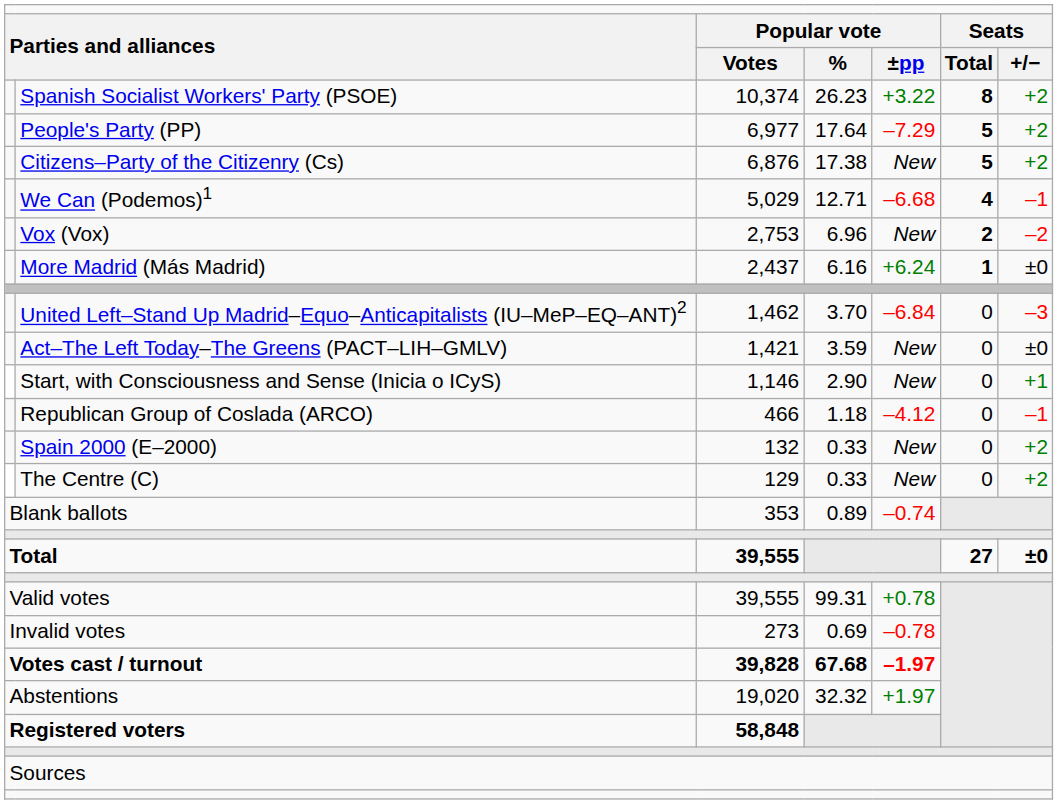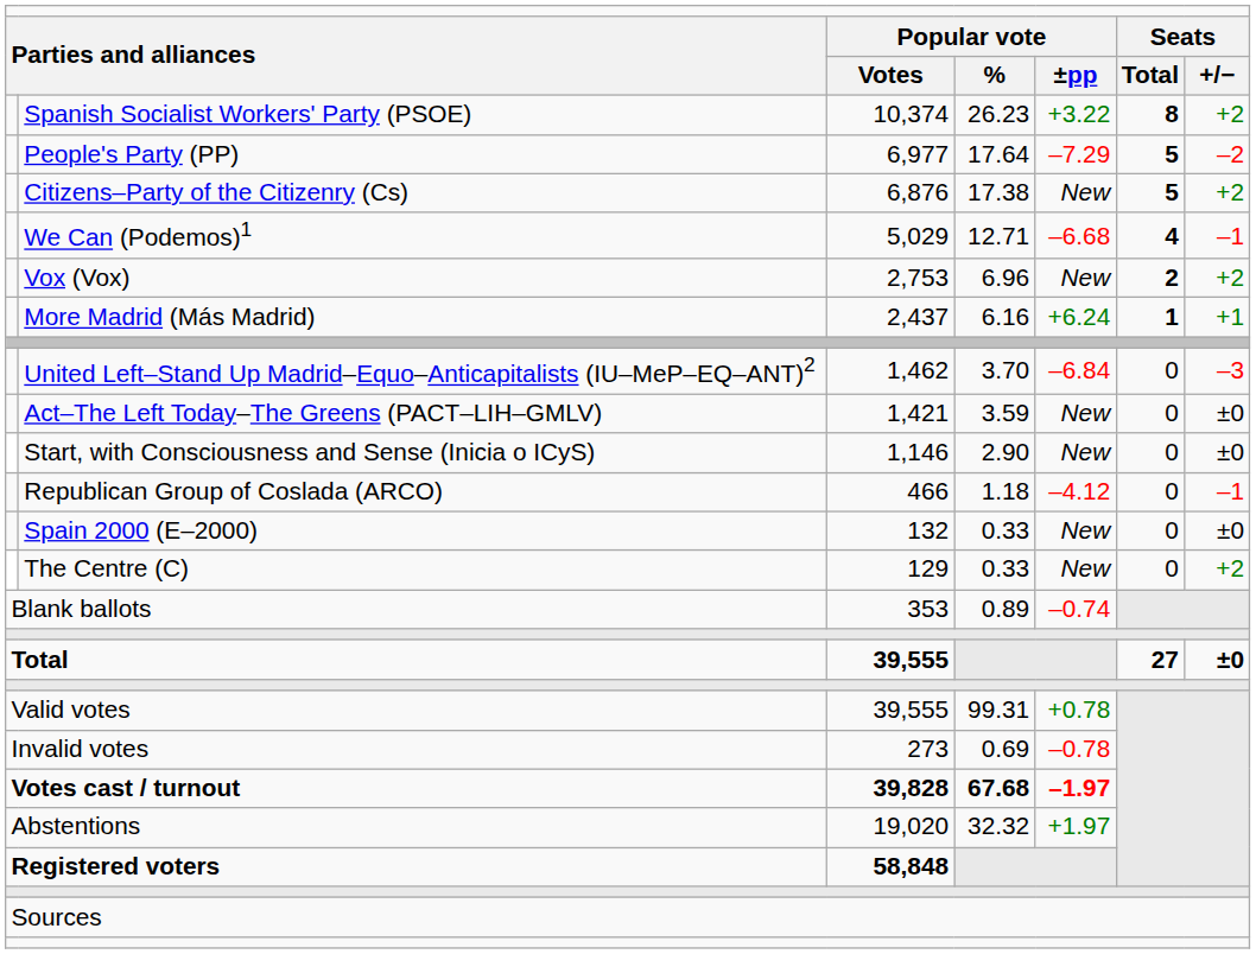 <table class="wikitable" style="text-align:right;">
 <tr>
 <td colspan="7"></td>
 </tr>
 <tr>
 <th style="text-align:left;" rowspan="2" colspan="2" width="525">Parties and alliances</th>
 <th colspan="3">Popular vote</th>
 <th colspan="2">Seats</th>
 </tr>
 <tr>
 <th width="75">Votes</th>
 <th width="45">%</th>
 <th width="45">±<a href='#'>pp</a></th>
 <th width="35">Total</th>
 <th width="35">+/−</th>
 </tr>
 <tr>
 <td width="1" style="color:inherit;background:"></td>
 <td align="left"><a href='#'>Spanish Socialist Workers' Party</a> (PSOE)</td>
 <td>10,374</td>
 <td>26.23</td>
 <td style="color:green;">+3.22</td>
 <td><strong>8</strong></td>
 <td style="color:green;">+2</td>
 </tr>
 <tr>
 <td style="color:inherit;background:"></td>
 <td align="left"><a href='#'>People's Party</a> (PP)</td>
 <td>6,977</td>
 <td>17.64</td>
 <td style="color:red;">–7.29</td>
 <td><strong>5</strong></td>
-<td style="color:green;">+2</td>
+<td style="color:red;">–2</td>
 </tr>
 <tr>
 <td style="color:inherit;background:"></td>
 <td align="left"><a href='#'>Citizens–Party of the Citizenry</a> (Cs)</td>
 <td>6,876</td>
 <td>17.38</td>
 <td><em>New</em></td>
 <td><strong>5</strong></td>
 <td style="color:green;">+2</td>
 </tr>
 <tr>
 <td style="color:inherit;background:"></td>
 <td align="left"><a href='#'>We Can</a> (Podemos)<sup>1</sup></td>
 <td>5,029</td>
 <td>12.71</td>
 <td style="color:red;">–6.68</td>
 <td><strong>4</strong></td>
 <td style="color:red;">–1</td>
 </tr>
 <tr>
 <td style="color:inherit;background:"></td>
 <td align="left"><a href='#'>Vox</a> (Vox)</td>
 <td>2,753</td>
 <td>6.96</td>
 <td><em>New</em></td>
 <td><strong>2</strong></td>
-<td style="color:red;">–2</td>
+<td style="color:green;">+2</td>
 </tr>
 <tr>
 <td style="color:inherit;background:"></td>
 <td align="left"><a href='#'>More Madrid</a> (Más Madrid)</td>
 <td>2,437</td>
 <td>6.16</td>
 <td style="color:green;">+6.24</td>
 <td><strong>1</strong></td>
-<td>±0</td>
+<td style="color:green;">+1</td>
 </tr>
 <tr>
 <td colspan="7" bgcolor="#C0C0C0"></td>
 </tr>
 <tr>
 <td style="color:inherit;background:"></td>
 <td align="left"><a href='#'>United Left–Stand Up Madrid</a>–<a href='#'>Equo</a>–<a href='#'>Anticapitalists</a> (IU–MeP–EQ–ANT)<sup>2</sup></td>
 <td>1,462</td>
 <td>3.70</td>
 <td style="color:red;">–6.84</td>
 <td>0</td>
 <td style="color:red;">–3</td>
 </tr>
 <tr>
 <td style="color:inherit;background:"></td>
 <td align="left"><a href='#'>Act–The Left Today</a>–<a href='#'>The Greens</a> (PACT–LIH–GMLV)</td>
 <td>1,421</td>
 <td>3.59</td>
 <td><em>New</em></td>
 <td>0</td>
 <td>±0</td>
 </tr>
 <tr>
 <td bgcolor="white"></td>
 <td align="left">Start, with Consciousness and Sense (Inicia o ICyS)</td>
 <td>1,146</td>
 <td>2.90</td>
 <td><em>New</em></td>
 <td>0</td>
-<td style="color:green;">+1</td>
+<td>±0</td>
 </tr>
 <tr>
 <td style="color:inherit;background:"></td>
 <td align="left">Republican Group of Coslada (ARCO)</td>
 <td>466</td>
 <td>1.18</td>
 <td style="color:red;">–4.12</td>
 <td>0</td>
 <td style="color:red;">–1</td>
 </tr>
 <tr>
 <td style="color:inherit;background:"></td>
 <td align="left"><a href='#'>Spain 2000</a> (E–2000)</td>
 <td>132</td>
 <td>0.33</td>
 <td><em>New</em></td>
 <td>0</td>
-<td style="color:green;">+2</td>
+<td>±0</td>
 </tr>
 <tr>
 <td bgcolor="white"></td>
 <td align="left">The Centre (C)</td>
 <td>129</td>
 <td>0.33</td>
 <td><em>New</em></td>
 <td>0</td>
 <td style="color:green;">+2</td>
 </tr>
 <tr>
 <td align="left" colspan="2">Blank ballots</td>
 <td>353</td>
 <td>0.89</td>
 <td style="color:red;">–0.74</td>
 <td bgcolor="#E9E9E9" colspan="2"></td>
 </tr>
 <tr>
 <td colspan="7" bgcolor="#E9E9E9"></td>
 </tr>
 <tr style="font-weight:bold;">
 <td align="left" colspan="2">Total</td>
 <td>39,555</td>
 <td bgcolor="#E9E9E9" colspan="2"></td>
 <td>27</td>
 <td>±0</td>
 </tr>
 <tr>
 <td colspan="7" bgcolor="#E9E9E9"></td>
 </tr>
 <tr>
 <td align="left" colspan="2">Valid votes</td>
 <td>39,555</td>
 <td>99.31</td>
 <td style="color:green;">+0.78</td>
 <td bgcolor="#E9E9E9" colspan="2" rowspan="5"></td>
 </tr>
 <tr>
 <td align="left" colspan="2">Invalid votes</td>
 <td>273</td>
 <td>0.69</td>
 <td style="color:red;">–0.78</td>
 </tr>
 <tr style="font-weight:bold;">
 <td align="left" colspan="2">Votes cast / turnout</td>
 <td>39,828</td>
 <td>67.68</td>
 <td style="color:red;">–1.97</td>
 </tr>
 <tr>
 <td align="left" colspan="2">Abstentions</td>
 <td>19,020</td>
 <td>32.32</td>
 <td style="color:green;">+1.97</td>
 </tr>
 <tr style="font-weight:bold;">
 <td align="left" colspan="2">Registered voters</td>
 <td>58,848</td>
 <td bgcolor="#E9E9E9" colspan="2"></td>
 </tr>
 <tr>
 <td colspan="7" bgcolor="#E9E9E9"></td>
 </tr>
 <tr>
 <td align="left" colspan="7">Sources</td>
 </tr>
 <tr>
 <td colspan="7" style="text-align:left; max-width:790px;"></td>
 </tr>
 </table>
